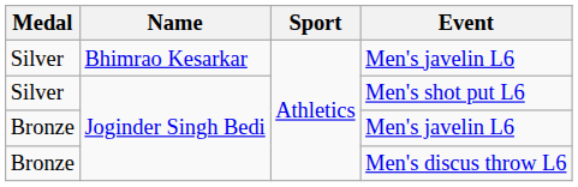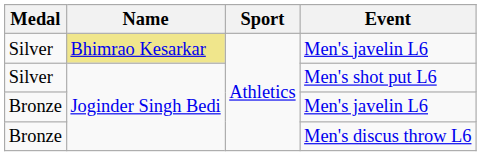 <table class="wikitable">
 <tr>
 <th>Medal</th>
 <th>Name</th>
 <th>Sport</th>
 <th>Event</th>
 </tr>
 <tr>
 <td> Silver</td>
-<td><a href='#'>Bhimrao Kesarkar</a></td>
+<td style="background: khaki;"><a href='#'>Bhimrao Kesarkar</a></td>
 <td rowspan="4"><a href='#'>Athletics</a></td>
 <td><a href='#'>Men's javelin L6</a></td>
 </tr>
 <tr>
 <td> Silver</td>
 <td rowspan="3"><a href='#'>Joginder Singh Bedi</a></td>
 <td><a href='#'>Men's shot put L6</a></td>
 </tr>
 <tr>
 <td> Bronze</td>
 <td><a href='#'> Men's javelin L6</a></td>
 </tr>
 <tr>
 <td> Bronze</td>
 <td><a href='#'>Men's discus throw L6</a></td>
 </tr>
 </table>
